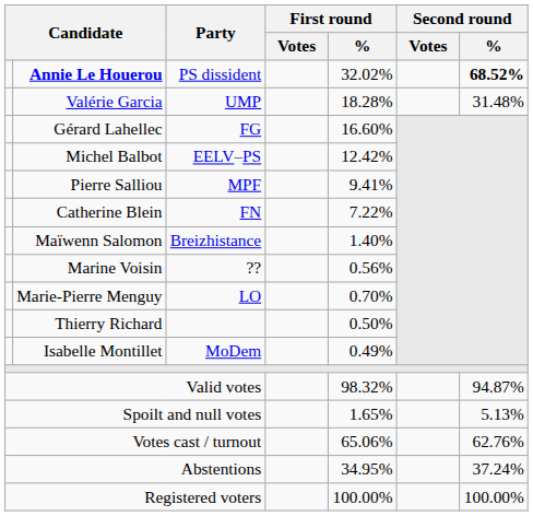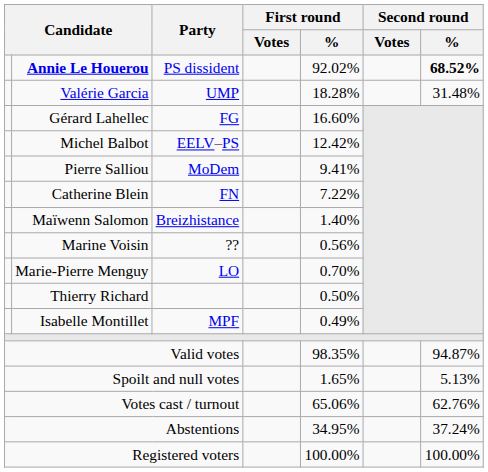 <table class="wikitable" style="text-align:right;font-size:95%;">
 <tr>
 <th rowspan=2 colspan=2>Candidate</th>
 <th rowspan=2 colspan=1>Party</th>
 <th colspan=2>First round</th>
 <th colspan=2>Second round</th>
 </tr>
 <tr>
 <th style="width:50px;">Votes</th>
 <th style="width:55px;">%</th>
 <th style="width:50px;">Votes</th>
 <th style="width:55px;">%</th>
 </tr>
 <tr>
 <td style="color:inherit;background-color:"></td>
 <td><strong><a href='#'>Annie Le Houerou</a></strong></td>
 <td><a href='#'>PS dissident</a></td>
 <td></td>
-<td>32.02%</td>
+<td>92.02%</td>
 <td><strong></strong></td>
 <td><strong>68.52%</strong></td>
 </tr>
 <tr>
 <td style="color:inherit;background-color:"></td>
 <td><a href='#'>Valérie Garcia</a></td>
 <td><a href='#'>UMP</a></td>
 <td></td>
 <td>18.28%</td>
 <td></td>
 <td>31.48%</td>
 </tr>
 <tr>
 <td style="color:inherit;background-color:"></td>
 <td>Gérard Lahellec</td>
 <td><a href='#'>FG</a></td>
 <td></td>
 <td>16.60%</td>
 <td colspan=7 rowspan=9 style="background-color:#E9E9E9;"></td>
 </tr>
 <tr>
 <td style="color:inherit;background-color:"></td>
 <td>Michel Balbot</td>
 <td><a href='#'>EELV</a>–<a href='#'>PS</a></td>
 <td></td>
 <td>12.42%</td>
 </tr>
 <tr>
 <td style="color:inherit;background-color:"></td>
 <td>Pierre Salliou</td>
-<td><a href='#'>MPF</a></td>
+<td><a href='#'>MoDem</a></td>
 <td></td>
 <td>9.41%</td>
 </tr>
 <tr>
 <td style="color:inherit;background-color:"></td>
 <td>Catherine Blein</td>
 <td><a href='#'>FN</a></td>
 <td></td>
 <td>7.22%</td>
 </tr>
 <tr>
 <td style="color:inherit;background-color:"></td>
 <td>Maïwenn Salomon</td>
 <td><a href='#'>Breizhistance</a></td>
 <td></td>
 <td>1.40%</td>
 </tr>
 <tr>
 <td style="background-color:;"></td>
 <td>Marine Voisin</td>
 <td>??</td>
 <td></td>
 <td>0.56%</td>
 </tr>
 <tr>
 <td style="color:inherit;background-color:"></td>
 <td>Marie-Pierre Menguy</td>
 <td><a href='#'>LO</a></td>
 <td></td>
 <td>0.70%</td>
 </tr>
 <tr>
 <td style="background-color:;"></td>
 <td>Thierry Richard</td>
 <td></td>
 <td></td>
 <td>0.50%</td>
 </tr>
 <tr>
 <td style="color:inherit;background-color:"></td>
 <td>Isabelle Montillet</td>
-<td><a href='#'>MoDem</a></td>
+<td><a href='#'>MPF</a></td>
 <td></td>
 <td>0.49%</td>
 </tr>
 <tr>
 <td colspan=7 style="background-color:#E9E9E9;"></td>
 </tr>
 <tr>
 <td colspan=3>Valid votes</td>
 <td></td>
-<td>98.32%</td>
+<td>98.35%</td>
 <td></td>
 <td>94.87%</td>
 </tr>
 <tr>
 <td colspan=3>Spoilt and null votes</td>
 <td></td>
 <td>1.65%</td>
 <td></td>
 <td>5.13%</td>
 </tr>
 <tr>
 <td colspan=3>Votes cast / turnout</td>
 <td></td>
 <td>65.06%</td>
 <td></td>
 <td>62.76%</td>
 </tr>
 <tr>
 <td colspan=3>Abstentions</td>
 <td></td>
 <td>34.95%</td>
 <td></td>
 <td>37.24%</td>
 </tr>
 <tr>
 <td colspan=3>Registered voters</td>
 <td></td>
 <td>100.00%</td>
 <td></td>
 <td>100.00%</td>
 </tr>
 </table>
